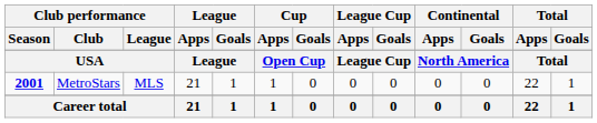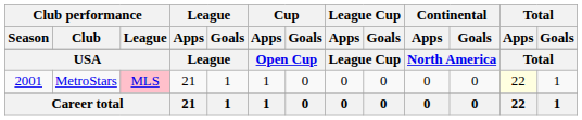 <table class="wikitable" style="text-align:center">
 <tr>
 <th colspan=3>Club performance</th>
 <th colspan=2>League</th>
 <th colspan=2>Cup</th>
 <th colspan=2>League Cup</th>
 <th colspan=2>Continental</th>
 <th colspan=2>Total</th>
 </tr>
 <tr>
 <th>Season</th>
 <th>Club</th>
 <th>League</th>
 <th>Apps</th>
 <th>Goals</th>
 <th>Apps</th>
 <th>Goals</th>
 <th>Apps</th>
 <th>Goals</th>
 <th>Apps</th>
 <th>Goals</th>
 <th>Apps</th>
 <th>Goals</th>
 </tr>
 <tr>
 </tr>
 <tr>
 <th colspan=3>USA</th>
 <th colspan=2>League</th>
 <th colspan=2><a href='#'>Open Cup</a></th>
 <th colspan=2>League Cup</th>
 <th colspan=2><a href='#'>North America</a></th>
 <th colspan=2>Total</th>
 </tr>
 <tr>
-<td><strong><a href='#'>2001</a></strong></td>
+<td><a href='#'>2001</a></td>
 <td><a href='#'>MetroStars</a></td>
-<td><a href='#'>MLS</a></td>
+<td style="background: pink;"><a href='#'>MLS</a></td>
 <td>21</td>
 <td>1</td>
 <td>1</td>
 <td>0</td>
 <td>0</td>
 <td>0</td>
 <td>0</td>
 <td>0</td>
-<td>22</td>
+<td style="background: lightyellow;">22</td>
 <td>1</td>
 </tr>
 <tr>
 </tr>
 <tr>
 <th colspan=3>Career total</th>
 <th>21</th>
 <th>1</th>
 <th>1</th>
 <th>0</th>
 <th>0</th>
 <th>0</th>
 <th>0</th>
 <th>0</th>
 <th>22</th>
 <th>1</th>
 </tr>
 </table>
